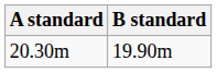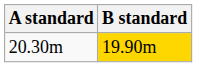 <table class="wikitable" border="1" align="upright">
 <tr>
 <th>A standard</th>
 <th>B standard</th>
 </tr>
 <tr>
 <td>20.30m</td>
-<td>19.90m</td>
+<td style="background: gold;">19.90m</td>
 </tr>
 </table>
